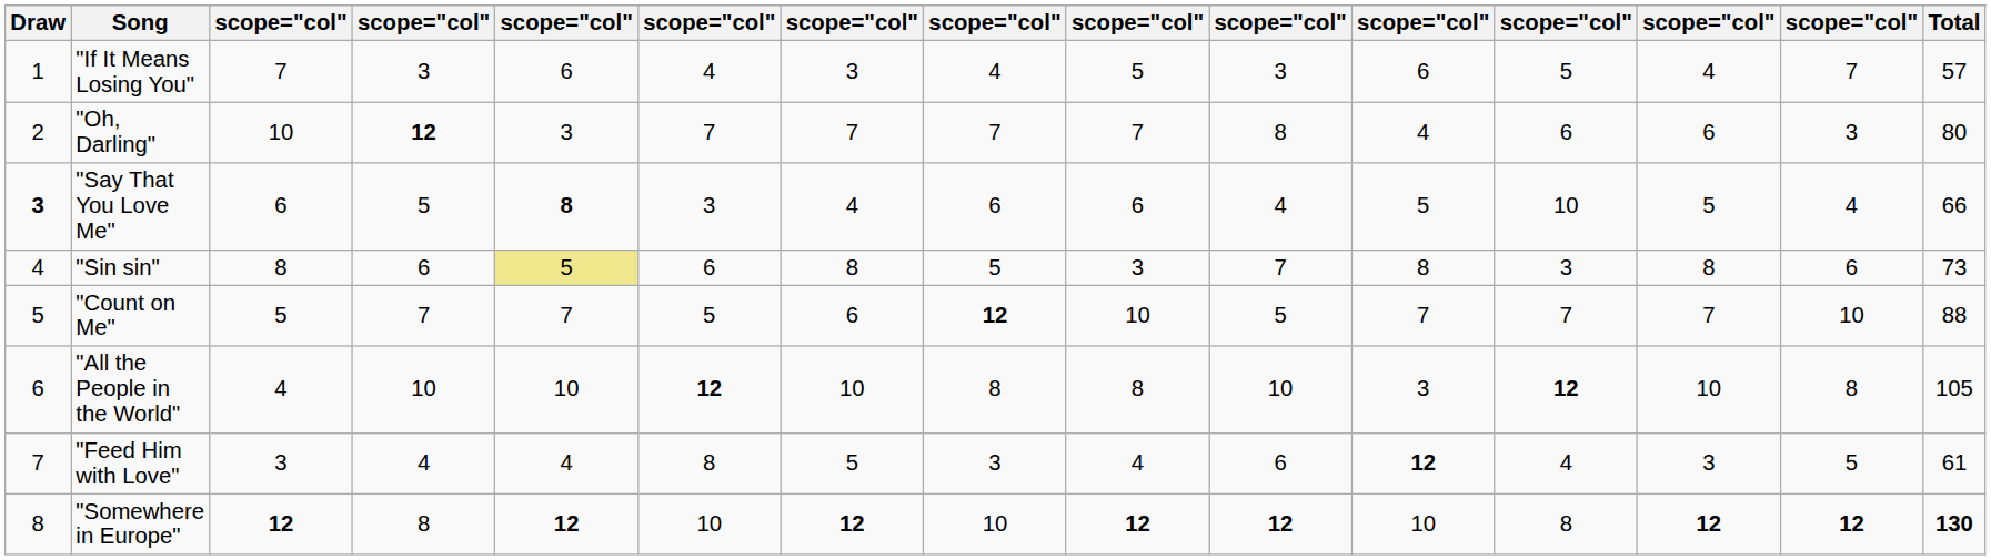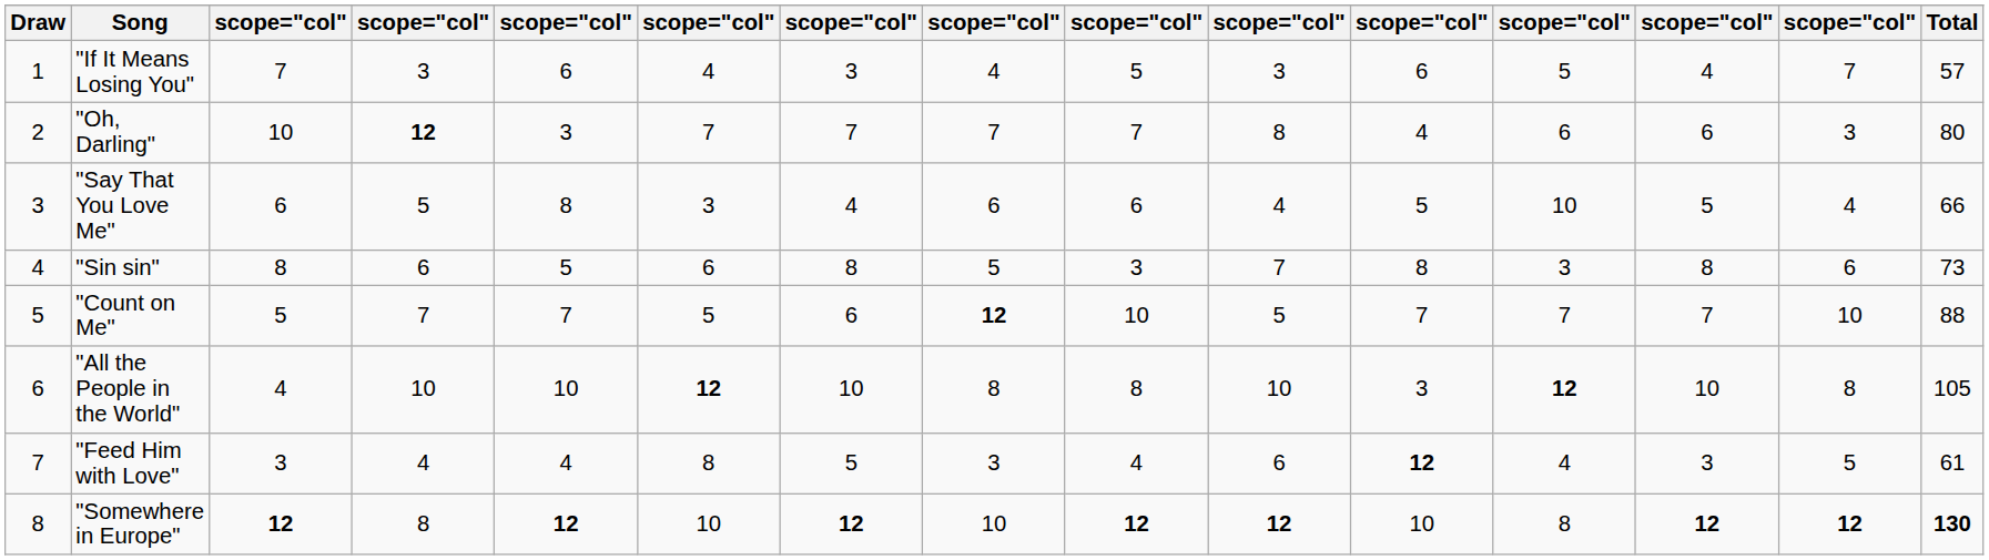 <table class="wikitable plainrowheaders" style="margin: 1em auto 1em auto; text-align:center;">
 <tr>
 </tr>
 <tr>
 <th scope="col">Draw</th>
 <th scope="col">Song</th>
 <th>scope="col" </th>
 <th>scope="col" </th>
 <th>scope="col" </th>
 <th>scope="col" </th>
 <th>scope="col" </th>
 <th>scope="col" </th>
 <th>scope="col" </th>
 <th>scope="col" </th>
 <th>scope="col" </th>
 <th>scope="col" </th>
 <th>scope="col" </th>
 <th>scope="col" </th>
 <th scope="col">Total</th>
 </tr>
 <tr --->
 <td>1</td>
 <td align="left">"If It Means Losing You"</td>
 <td>7</td>
 <td>3</td>
 <td>6</td>
 <td>4</td>
 <td>3</td>
 <td>4</td>
 <td>5</td>
 <td>3</td>
 <td>6</td>
 <td>5</td>
 <td>4</td>
 <td>7</td>
 <td>57</td>
 </tr>
 <tr --->
 <td>2</td>
 <td align="left">"Oh, Darling"</td>
 <td>10</td>
 <td><strong>12</strong></td>
 <td>3</td>
 <td>7</td>
 <td>7</td>
 <td>7</td>
 <td>7</td>
 <td>8</td>
 <td>4</td>
 <td>6</td>
 <td>6</td>
 <td>3</td>
 <td>80</td>
 </tr>
 <tr --->
-<td><strong>3</strong></td>
+<td>3</td>
 <td align="left">"Say That You Love Me"</td>
 <td>6</td>
 <td>5</td>
-<td><strong>8</strong></td>
+<td>8</td>
 <td>3</td>
 <td>4</td>
 <td>6</td>
 <td>6</td>
 <td>4</td>
 <td>5</td>
 <td>10</td>
 <td>5</td>
 <td>4</td>
 <td>66</td>
 </tr>
 <tr --->
 <td>4</td>
 <td align="left">"Sin sin"</td>
 <td>8</td>
 <td>6</td>
-<td style="background: khaki;">5</td>
+<td>5</td>
 <td>6</td>
 <td>8</td>
 <td>5</td>
 <td>3</td>
 <td>7</td>
 <td>8</td>
 <td>3</td>
 <td>8</td>
 <td>6</td>
 <td>73</td>
 </tr>
 <tr --->
 <td>5</td>
 <td align="left">"Count on Me"</td>
 <td>5</td>
 <td>7</td>
 <td>7</td>
 <td>5</td>
 <td>6</td>
 <td><strong>12</strong></td>
 <td>10</td>
 <td>5</td>
 <td>7</td>
 <td>7</td>
 <td>7</td>
 <td>10</td>
 <td>88</td>
 </tr>
 <tr --->
 <td>6</td>
 <td align="left">"All the People in the World"</td>
 <td>4</td>
 <td>10</td>
 <td>10</td>
 <td><strong>12</strong></td>
 <td>10</td>
 <td>8</td>
 <td>8</td>
 <td>10</td>
 <td>3</td>
 <td><strong>12</strong></td>
 <td>10</td>
 <td>8</td>
 <td>105</td>
 </tr>
 <tr --->
 <td>7</td>
 <td align="left">"Feed Him with Love"</td>
 <td>3</td>
 <td>4</td>
 <td>4</td>
 <td>8</td>
 <td>5</td>
 <td>3</td>
 <td>4</td>
 <td>6</td>
 <td><strong>12</strong></td>
 <td>4</td>
 <td>3</td>
 <td>5</td>
 <td>61</td>
 </tr>
 <tr --->
 <td>8</td>
 <td align="left">"Somewhere in Europe"</td>
 <td><strong>12</strong></td>
 <td>8</td>
 <td><strong>12</strong></td>
 <td>10</td>
 <td><strong>12</strong></td>
 <td>10</td>
 <td><strong>12</strong></td>
 <td><strong>12</strong></td>
 <td>10</td>
 <td>8</td>
 <td><strong>12</strong></td>
 <td><strong>12</strong></td>
 <td><strong>130</strong></td>
 </tr>
 </table>
